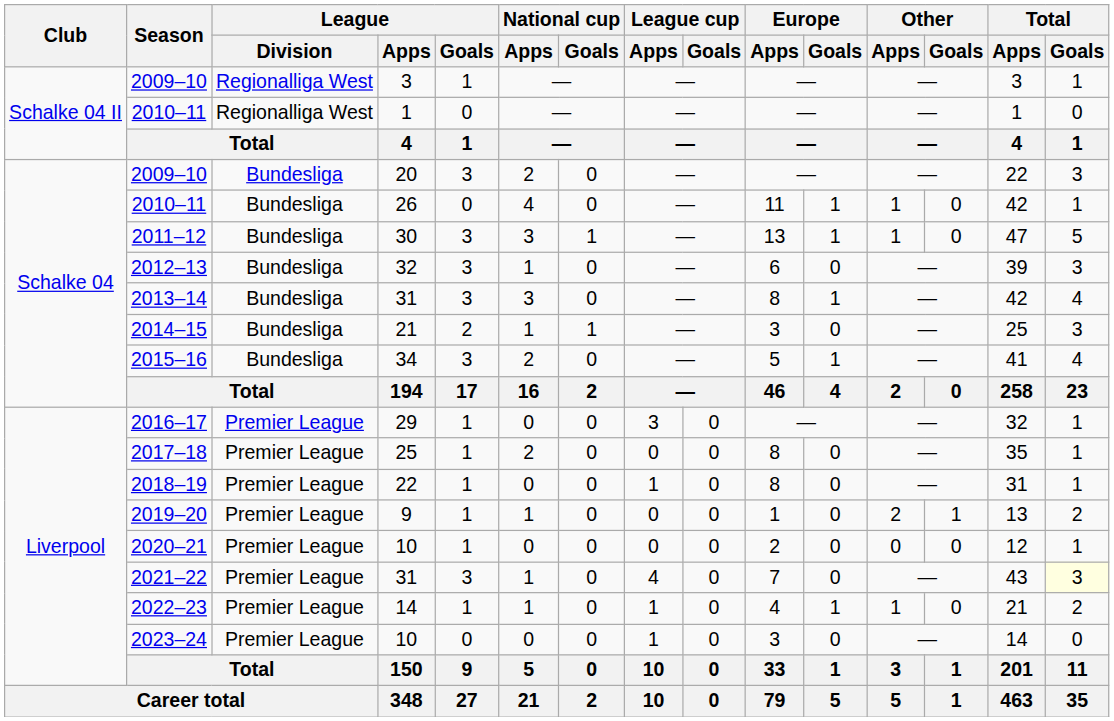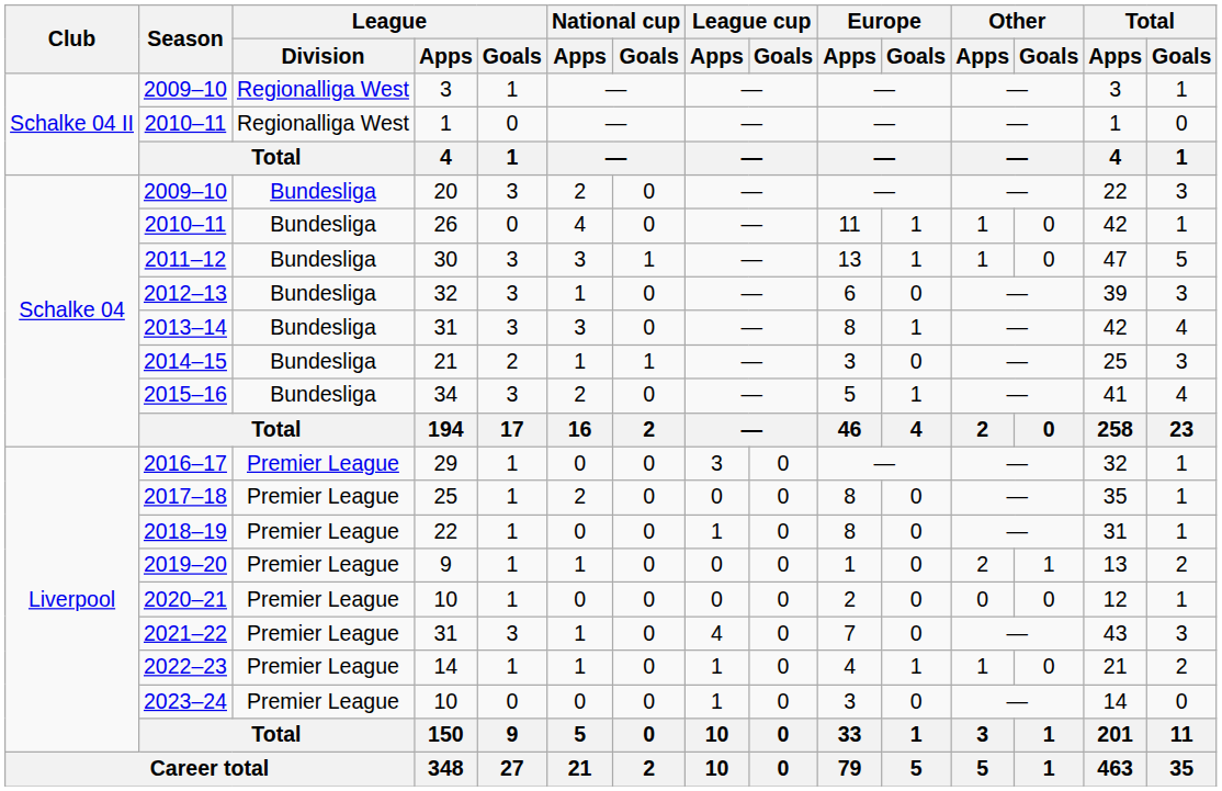 <table class="wikitable" style="text-align: center;">
 <tr>
 <th rowspan="2">Club</th>
 <th rowspan="2">Season</th>
 <th colspan="3">League</th>
 <th colspan="2">National cup</th>
 <th colspan="2">League cup</th>
 <th colspan="2">Europe</th>
 <th colspan="2">Other</th>
 <th colspan="2">Total</th>
 </tr>
 <tr>
 <th>Division</th>
 <th>Apps</th>
 <th>Goals</th>
 <th>Apps</th>
 <th>Goals</th>
 <th>Apps</th>
 <th>Goals</th>
 <th>Apps</th>
 <th>Goals</th>
 <th>Apps</th>
 <th>Goals</th>
 <th>Apps</th>
 <th>Goals</th>
 </tr>
 <tr>
 <td rowspan="3"><a href='#'>Schalke 04 II</a></td>
 <td><a href='#'>2009–10</a></td>
 <td><a href='#'>Regionalliga West</a></td>
 <td>3</td>
 <td>1</td>
 <td colspan="2">—</td>
 <td colspan="2">—</td>
 <td colspan="2">—</td>
 <td colspan="2">—</td>
 <td>3</td>
 <td>1</td>
 </tr>
 <tr>
 <td><a href='#'>2010–11</a></td>
 <td>Regionalliga West</td>
 <td>1</td>
 <td>0</td>
 <td colspan="2">—</td>
 <td colspan="2">—</td>
 <td colspan="2">—</td>
 <td colspan="2">—</td>
 <td>1</td>
 <td>0</td>
 </tr>
 <tr>
 <th colspan="2">Total</th>
 <th>4</th>
 <th>1</th>
 <th colspan="2">—</th>
 <th colspan="2">—</th>
 <th colspan="2">—</th>
 <th colspan="2">—</th>
 <th>4</th>
 <th>1</th>
 </tr>
 <tr>
 <td rowspan="8"><a href='#'>Schalke 04</a></td>
 <td><a href='#'>2009–10</a></td>
 <td><a href='#'>Bundesliga</a></td>
 <td>20</td>
 <td>3</td>
 <td>2</td>
 <td>0</td>
 <td colspan="2">—</td>
 <td colspan="2">—</td>
 <td colspan="2">—</td>
 <td>22</td>
 <td>3</td>
 </tr>
 <tr>
 <td><a href='#'>2010–11</a></td>
 <td>Bundesliga</td>
 <td>26</td>
 <td>0</td>
 <td>4</td>
 <td>0</td>
 <td colspan="2">—</td>
 <td>11</td>
 <td>1</td>
 <td>1</td>
 <td>0</td>
 <td>42</td>
 <td>1</td>
 </tr>
 <tr>
 <td><a href='#'>2011–12</a></td>
 <td>Bundesliga</td>
 <td>30</td>
 <td>3</td>
 <td>3</td>
 <td>1</td>
 <td colspan="2">—</td>
 <td>13</td>
 <td>1</td>
 <td>1</td>
 <td>0</td>
 <td>47</td>
 <td>5</td>
 </tr>
 <tr>
 <td><a href='#'>2012–13</a></td>
 <td>Bundesliga</td>
 <td>32</td>
 <td>3</td>
 <td>1</td>
 <td>0</td>
 <td colspan="2">—</td>
 <td>6</td>
 <td>0</td>
 <td colspan="2">—</td>
 <td>39</td>
 <td>3</td>
 </tr>
 <tr>
 <td><a href='#'>2013–14</a></td>
 <td>Bundesliga</td>
 <td>31</td>
 <td>3</td>
 <td>3</td>
 <td>0</td>
 <td colspan="2">—</td>
 <td>8</td>
 <td>1</td>
 <td colspan="2">—</td>
 <td>42</td>
 <td>4</td>
 </tr>
 <tr>
 <td><a href='#'>2014–15</a></td>
 <td>Bundesliga</td>
 <td>21</td>
 <td>2</td>
 <td>1</td>
 <td>1</td>
 <td colspan="2">—</td>
 <td>3</td>
 <td>0</td>
 <td colspan="2">—</td>
 <td>25</td>
 <td>3</td>
 </tr>
 <tr>
 <td><a href='#'>2015–16</a></td>
 <td>Bundesliga</td>
 <td>34</td>
 <td>3</td>
 <td>2</td>
 <td>0</td>
 <td colspan="2">—</td>
 <td>5</td>
 <td>1</td>
 <td colspan="2">—</td>
 <td>41</td>
 <td>4</td>
 </tr>
 <tr>
 <th colspan="2">Total</th>
 <th>194</th>
 <th>17</th>
 <th>16</th>
 <th>2</th>
 <th colspan="2">—</th>
 <th>46</th>
 <th>4</th>
 <th>2</th>
 <th>0</th>
 <th>258</th>
 <th>23</th>
 </tr>
 <tr>
 <td rowspan="9"><a href='#'>Liverpool</a></td>
 <td><a href='#'>2016–17</a></td>
 <td><a href='#'>Premier League</a></td>
 <td>29</td>
 <td>1</td>
 <td>0</td>
 <td>0</td>
 <td>3</td>
 <td>0</td>
 <td colspan="2">—</td>
 <td colspan="2">—</td>
 <td>32</td>
 <td>1</td>
 </tr>
 <tr>
 <td><a href='#'>2017–18</a></td>
 <td>Premier League</td>
 <td>25</td>
 <td>1</td>
 <td>2</td>
 <td>0</td>
 <td>0</td>
 <td>0</td>
 <td>8</td>
 <td>0</td>
 <td colspan="2">—</td>
 <td>35</td>
 <td>1</td>
 </tr>
 <tr>
 <td><a href='#'>2018–19</a></td>
 <td>Premier League</td>
 <td>22</td>
 <td>1</td>
 <td>0</td>
 <td>0</td>
 <td>1</td>
 <td>0</td>
 <td>8</td>
 <td>0</td>
 <td colspan="2">—</td>
 <td>31</td>
 <td>1</td>
 </tr>
 <tr>
 <td><a href='#'>2019–20</a></td>
 <td>Premier League</td>
 <td>9</td>
 <td>1</td>
 <td>1</td>
 <td>0</td>
 <td>0</td>
 <td>0</td>
 <td>1</td>
 <td>0</td>
 <td>2</td>
 <td>1</td>
 <td>13</td>
 <td>2</td>
 </tr>
 <tr>
 <td><a href='#'>2020–21</a></td>
 <td>Premier League</td>
 <td>10</td>
 <td>1</td>
 <td>0</td>
 <td>0</td>
 <td>0</td>
 <td>0</td>
 <td>2</td>
 <td>0</td>
 <td>0</td>
 <td>0</td>
 <td>12</td>
 <td>1</td>
 </tr>
 <tr>
 <td><a href='#'>2021–22</a></td>
 <td>Premier League</td>
 <td>31</td>
 <td>3</td>
 <td>1</td>
 <td>0</td>
 <td>4</td>
 <td>0</td>
 <td>7</td>
 <td>0</td>
 <td colspan="2">—</td>
 <td>43</td>
-<td style="background: lightyellow;">3</td>
+<td>3</td>
 </tr>
 <tr>
 <td><a href='#'>2022–23</a></td>
 <td>Premier League</td>
 <td>14</td>
 <td>1</td>
 <td>1</td>
 <td>0</td>
 <td>1</td>
 <td>0</td>
 <td>4</td>
 <td>1</td>
 <td>1</td>
 <td>0</td>
 <td>21</td>
 <td>2</td>
 </tr>
 <tr>
 <td><a href='#'>2023–24</a></td>
 <td>Premier League</td>
 <td>10</td>
 <td>0</td>
 <td>0</td>
 <td>0</td>
 <td>1</td>
 <td>0</td>
 <td>3</td>
 <td>0</td>
 <td colspan="2">—</td>
 <td>14</td>
 <td>0</td>
 </tr>
 <tr>
 <th colspan="2">Total</th>
 <th>150</th>
 <th>9</th>
 <th>5</th>
 <th>0</th>
 <th>10</th>
 <th>0</th>
 <th>33</th>
 <th>1</th>
 <th>3</th>
 <th>1</th>
 <th>201</th>
 <th>11</th>
 </tr>
 <tr>
 <th colspan="3">Career total</th>
 <th>348</th>
 <th>27</th>
 <th>21</th>
 <th>2</th>
 <th>10</th>
 <th>0</th>
 <th>79</th>
 <th>5</th>
 <th>5</th>
 <th>1</th>
 <th>463</th>
 <th>35</th>
 </tr>
 </table>
